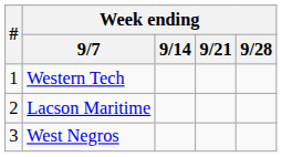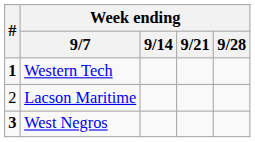 <table class=wikitable style="font-size:92%;">
 <tr>
 <th rowspan=2>#</th>
 <th colspan=9>Week ending</th>
 </tr>
 <tr>
 <th>9/7</th>
 <th>9/14</th>
 <th>9/21</th>
 <th>9/28</th>
 </tr>
 <tr>
-<td>1</td>
+<td><strong>1</strong></td>
 <td><a href='#'>Western Tech</a></td>
 <td></td>
 <td></td>
 <td></td>
 </tr>
 <tr>
 <td>2</td>
 <td><a href='#'>Lacson Maritime</a></td>
 <td></td>
 <td></td>
 <td></td>
 </tr>
 <tr>
-<td>3</td>
+<td><strong>3</strong></td>
 <td><a href='#'>West Negros</a></td>
 <td></td>
 <td></td>
 <td></td>
 </tr>
 </table>
